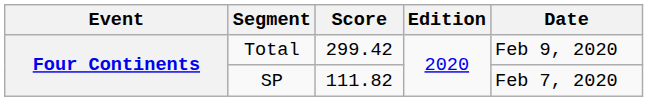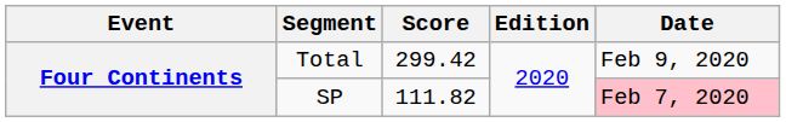 <table class="wikitable plainrowheaders" style="text-align:center;">
 <tr>
 <th scope=col width=150px>Event</th>
 <th scope=col width=55px>Segment</th>
 <th scope=col width=55px>Score</th>
 <th scope=col width=55px>Edition</th>
 <th scope=col width=100px>Date</th>
 </tr>
 <tr>
 <th scope=row rowspan=2><a href='#'>Four Continents</a></th>
 <td>Total</td>
 <td>299.42</td>
 <td rowspan=2><a href='#'>2020</a></td>
 <td align=left>Feb 9, 2020</td>
 </tr>
 <tr>
 <td>SP</td>
 <td>111.82</td>
-<td align=left>Feb 7, 2020</td>
+<td align=left style="background: pink;">Feb 7, 2020</td>
 </tr>
 </table>
